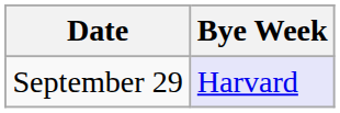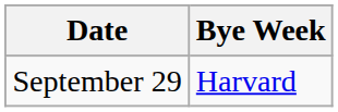 <table class="wikitable" style="font-size:95%;">
 <tr>
 <th>Date</th>
 <th colspan="1">Bye Week</th>
 </tr>
 <tr>
 <td>September 29</td>
-<td style="background: lavender;"><a href='#'>Harvard</a></td>
+<td><a href='#'>Harvard</a></td>
 </tr>
 </table>
